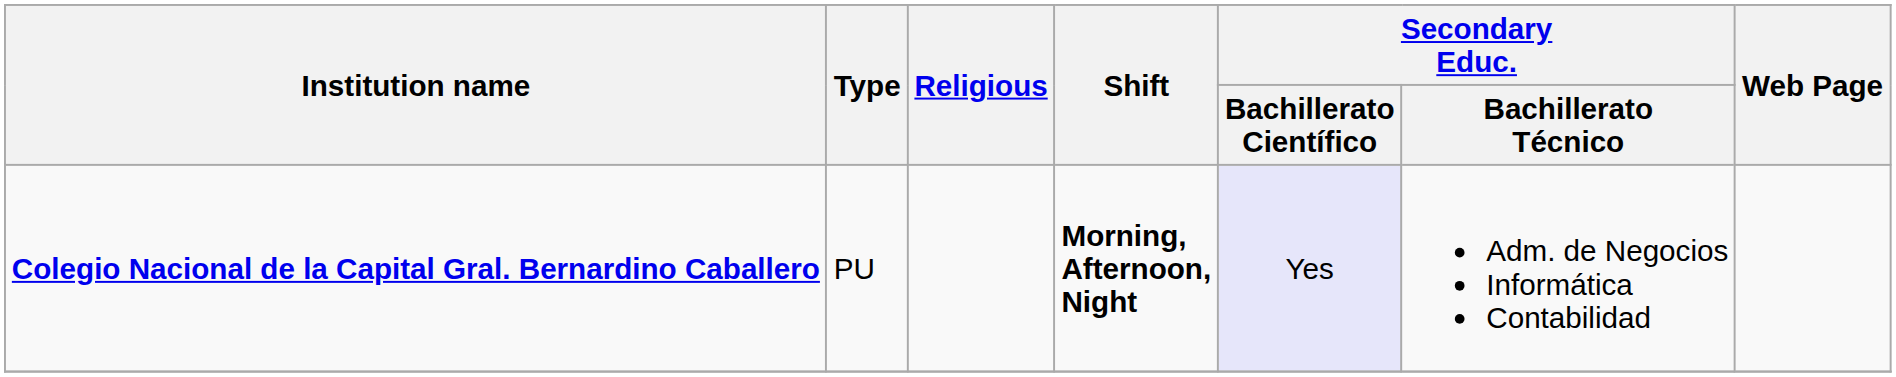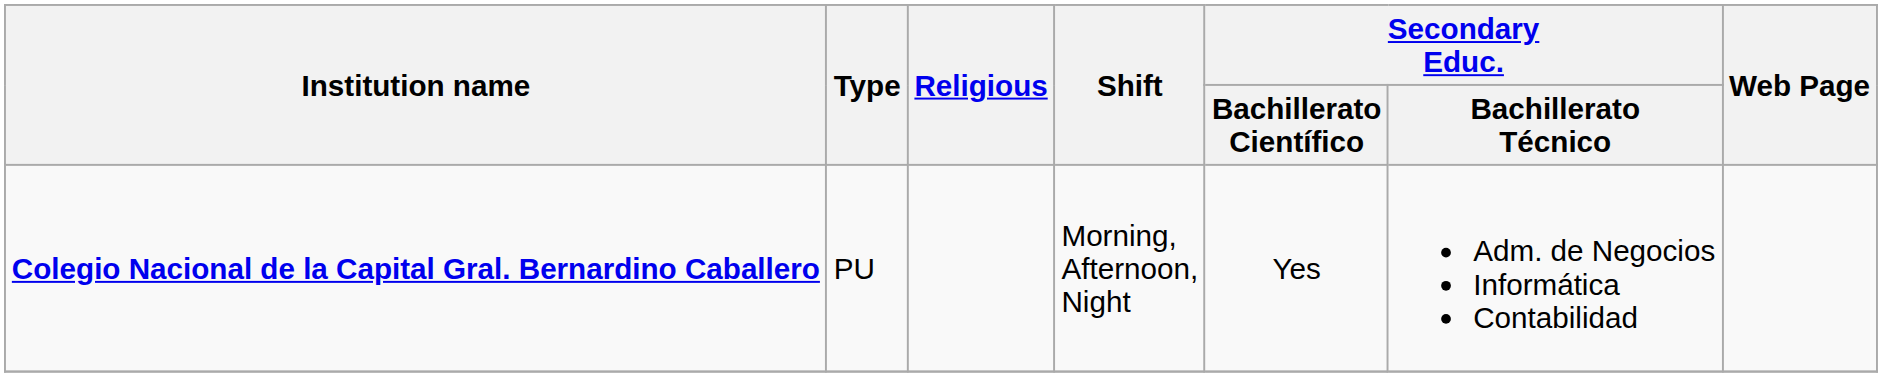 <table class="wikitable" style="font-size: 95%;">
 <tr>
 <th rowspan="2">Institution name</th>
 <th rowspan="2">Type</th>
 <th rowspan="2"><a href='#'>Religious</a></th>
 <th rowspan="2">Shift</th>
 <th colspan="2"><a href='#'>Secondary <br>Educ.</a></th>
 <th rowspan="2">Web Page</th>
 </tr>
 <tr>
 <th>Bachillerato <br>Científico</th>
 <th>Bachillerato <br>Técnico</th>
 </tr>
 <tr>
 <td><strong><a href='#'>Colegio Nacional de la Capital Gral. Bernardino Caballero</a></strong></td>
 <td>PU</td>
 <td align="center"></td>
-<td><strong>Morning,<br>Afternoon,<br>Night</strong></td>
-<td align="center" style="background: lavender;">Yes</td>
+<td>Morning,<br>Afternoon,<br>Night</td>
+<td align="center">Yes</td>
 <td><br><ul><li>Adm. de Negocios</li><li>Informática</li><li>Contabilidad</li></ul></td>
 <td></td>
 </tr>
 <tr>
 </tr>
 </table>
